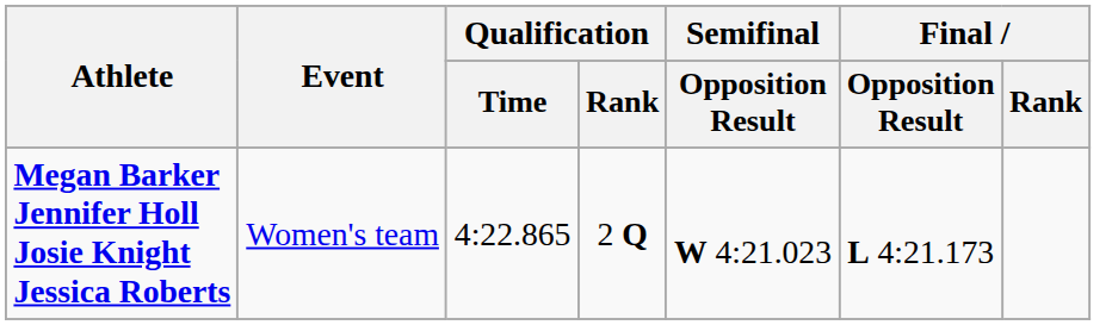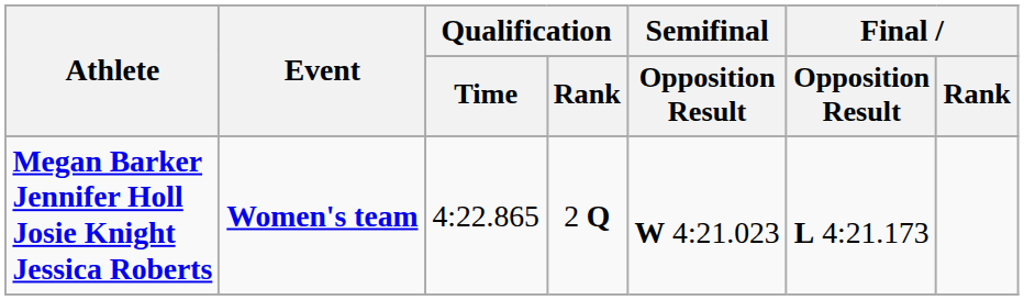 <table class=wikitable style=font-size:90%;text-align:center>
 <tr>
 <th rowspan=2>Athlete</th>
 <th rowspan=2>Event</th>
 <th colspan=2>Qualification</th>
 <th>Semifinal</th>
 <th colspan=2>Final / </th>
 </tr>
 <tr style=font-size:95%>
 <th>Time</th>
 <th>Rank</th>
 <th>Opposition<br>Result</th>
 <th>Opposition<br>Result</th>
 <th>Rank</th>
 </tr>
 <tr>
 <td align=left><strong><a href='#'>Megan Barker</a><br><a href='#'>Jennifer Holl</a><br><a href='#'>Josie Knight</a><br><a href='#'>Jessica Roberts</a></strong></td>
-<td align=left><a href='#'>Women's team</a></td>
+<td align=left><strong><a href='#'>Women's team</a></strong></td>
 <td>4:22.865</td>
 <td>2 <strong>Q</strong></td>
 <td><br><strong>W</strong> 4:21.023</td>
 <td><br><strong>L</strong> 4:21.173</td>
 <td></td>
 </tr>
 </table>
